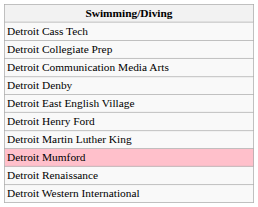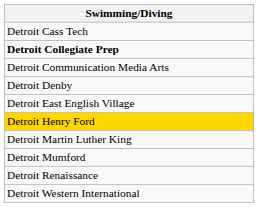 <table class="wikitable collapsible collapsed" style="width:22em">
 <tr>
 <th align=center>Swimming/Diving</th>
 </tr>
 <tr>
 <td>Detroit Cass Tech</td>
 </tr>
 <tr>
-<td>Detroit Collegiate Prep</td>
+<td><strong>Detroit Collegiate Prep</strong></td>
 </tr>
 <tr>
 <td>Detroit Communication Media Arts</td>
 </tr>
 <tr>
 <td>Detroit Denby</td>
 </tr>
 <tr>
 <td>Detroit East English Village</td>
 </tr>
 <tr>
-<td>Detroit Henry Ford</td>
+<td style="background: gold;">Detroit Henry Ford</td>
 </tr>
 <tr>
 <td>Detroit Martin Luther King</td>
 </tr>
 <tr>
-<td style="background: pink;">Detroit Mumford</td>
+<td>Detroit Mumford</td>
 </tr>
 <tr>
 <td>Detroit Renaissance</td>
 </tr>
 <tr>
 <td>Detroit Western International</td>
 </tr>
 </table>
